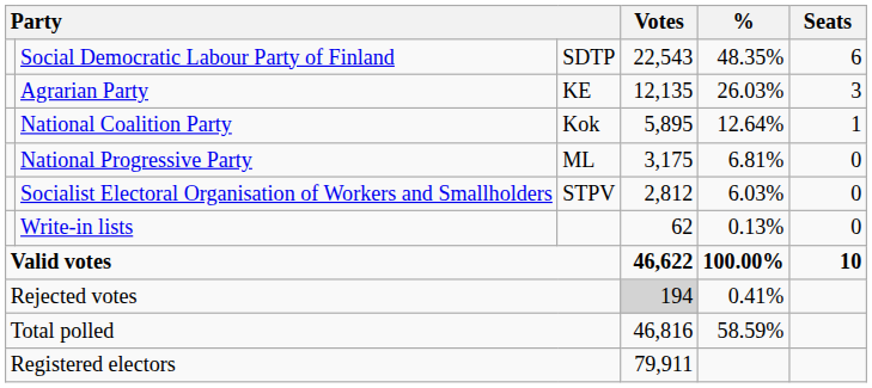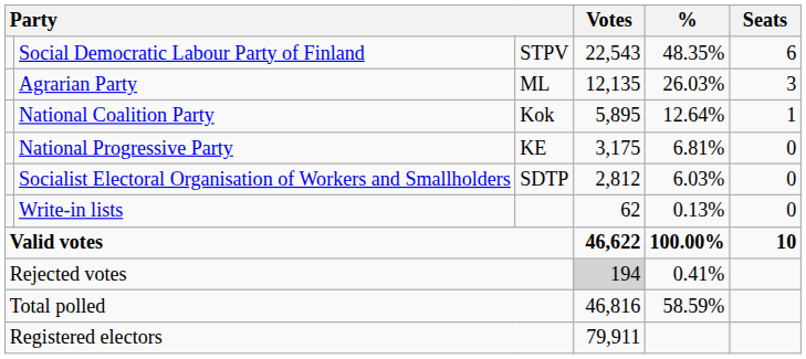 <table class="wikitable" border="1" style="text-align:right;">
 <tr>
 <th style="text-align:left;" colspan=3>Party</th>
 <th align=center width="50">Votes</th>
 <th align=center width="50">%</th>
 <th align=center width="50">Seats</th>
 </tr>
 <tr>
 <td></td>
 <td align=left style="white-space: nowrap;"><a href='#'>Social Democratic Labour Party of Finland</a></td>
-<td align=left>SDTP</td>
+<td align=left>STPV</td>
 <td>22,543</td>
 <td>48.35%</td>
 <td>6</td>
 </tr>
 <tr>
 <td></td>
 <td align=left><a href='#'>Agrarian Party</a></td>
-<td align=left>KE</td>
+<td align=left>ML</td>
 <td>12,135</td>
 <td>26.03%</td>
 <td>3</td>
 </tr>
 <tr>
 <td></td>
 <td align=left><a href='#'>National Coalition Party</a></td>
 <td align=left>Kok</td>
 <td>5,895</td>
 <td>12.64%</td>
 <td>1</td>
 </tr>
 <tr>
 <td></td>
 <td align=left><a href='#'>National Progressive Party</a></td>
-<td align=left>ML</td>
+<td align=left>KE</td>
 <td>3,175</td>
 <td>6.81%</td>
 <td>0</td>
 </tr>
 <tr>
 <td></td>
 <td align=left><a href='#'>Socialist Electoral Organisation of Workers and Smallholders</a></td>
-<td align=left>STPV</td>
+<td align=left>SDTP</td>
 <td>2,812</td>
 <td>6.03%</td>
 <td>0</td>
 </tr>
 <tr>
 <td></td>
 <td align=left><a href='#'>Write-in lists</a></td>
 <td align=left></td>
 <td>62</td>
 <td>0.13%</td>
 <td>0</td>
 </tr>
 <tr style="font-weight:bold">
 <td align=left colspan=3>Valid votes</td>
 <td>46,622</td>
 <td>100.00%</td>
 <td>10</td>
 </tr>
 <tr>
 <td align=left colspan=3>Rejected votes</td>
 <td style="background: lightgrey;">194</td>
 <td>0.41%</td>
 <td></td>
 </tr>
 <tr>
 <td align=left colspan=3>Total polled</td>
 <td>46,816</td>
 <td>58.59%</td>
 <td></td>
 </tr>
 <tr>
 <td align=left colspan=3>Registered electors</td>
 <td>79,911</td>
 <td></td>
 <td></td>
 </tr>
 </table>
